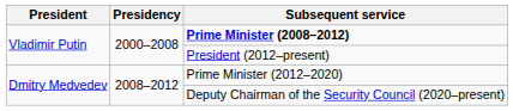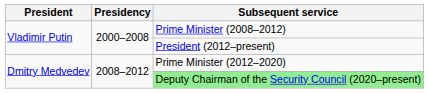 <table class="wikitable" style="margin-left:auto; margin-right:auto; border:none;">
 <tr>
 <th>President</th>
 <th>Presidency</th>
 <th>Subsequent service</th>
 </tr>
 <tr>
 <td rowspan=2 nowrap><a href='#'>Vladimir Putin</a></td>
 <td rowspan=2 style="text-align:center;">2000–2008</td>
-<td><strong><a href='#'>Prime Minister</a> (2008–2012)</strong></td>
+<td><a href='#'>Prime Minister</a> (2008–2012)</td>
 </tr>
 <tr>
 <td><a href='#'>President</a> (2012–present)</td>
 </tr>
 <tr>
 <td rowspan=2><a href='#'>Dmitry Medvedev</a></td>
 <td rowspan=2 style="text-align:center;">2008–2012</td>
 <td>Prime Minister (2012–2020)</td>
 </tr>
 <tr>
-<td>Deputy Chairman of the <a href='#'>Security Council</a> (2020–present)</td>
+<td style="background: lightgreen;">Deputy Chairman of the <a href='#'>Security Council</a> (2020–present)</td>
 </tr>
 </table>
